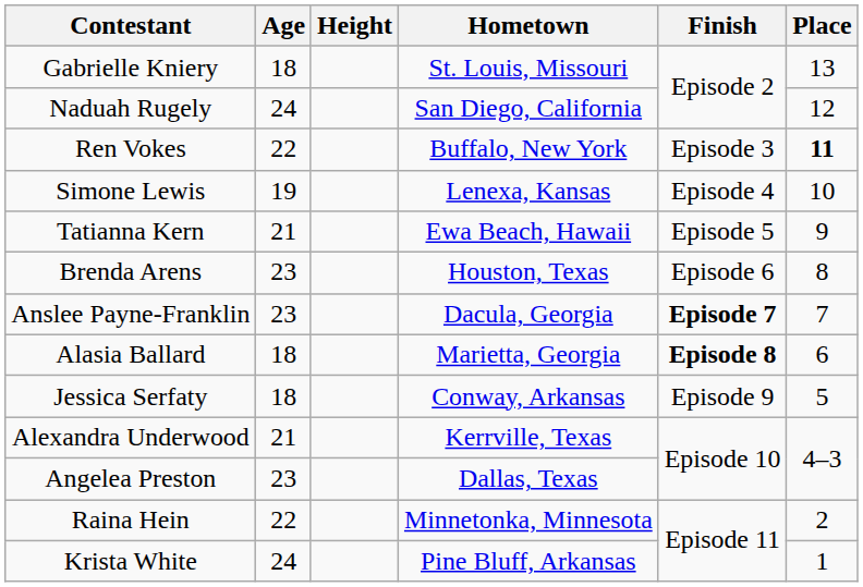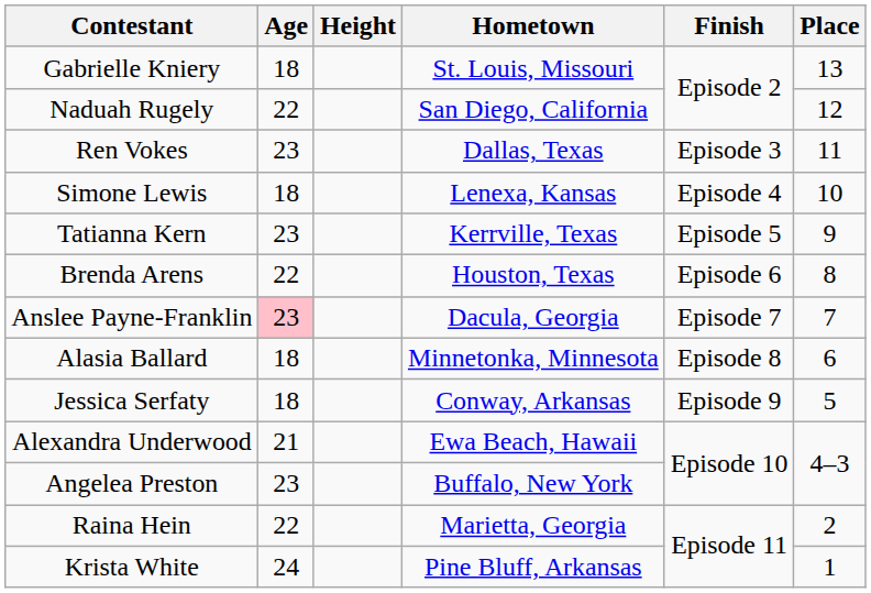 <table class="wikitable sortable" style="text-align:center;">
 <tr>
 <th>Contestant</th>
 <th>Age</th>
 <th>Height</th>
 <th>Hometown</th>
 <th>Finish</th>
 <th>Place</th>
 </tr>
 <tr>
 <td>Gabrielle Kniery</td>
 <td>18</td>
 <td></td>
 <td><a href='#'>St. Louis, Missouri</a></td>
 <td rowspan="2">Episode 2</td>
 <td>13</td>
 </tr>
 <tr>
 <td>Naduah Rugely</td>
-<td>24</td>
+<td>22</td>
 <td></td>
 <td><a href='#'>San Diego, California</a></td>
 <td>12</td>
 </tr>
 <tr>
 <td>Ren Vokes</td>
-<td>22</td>
+<td>23</td>
 <td></td>
-<td><a href='#'>Buffalo, New York</a></td>
+<td><a href='#'>Dallas, Texas</a></td>
 <td>Episode 3</td>
-<td><strong>11</strong></td>
+<td>11</td>
 </tr>
 <tr>
 <td>Simone Lewis</td>
-<td>19</td>
+<td>18</td>
 <td></td>
 <td><a href='#'>Lenexa, Kansas</a></td>
 <td>Episode 4</td>
 <td>10</td>
 </tr>
 <tr>
 <td>Tatianna Kern</td>
-<td>21</td>
+<td>23</td>
 <td></td>
-<td><a href='#'>Ewa Beach, Hawaii</a></td>
+<td><a href='#'>Kerrville, Texas</a></td>
 <td>Episode 5</td>
 <td>9</td>
 </tr>
 <tr>
 <td>Brenda Arens</td>
-<td>23</td>
+<td>22</td>
 <td></td>
 <td><a href='#'>Houston, Texas</a></td>
 <td>Episode 6</td>
 <td>8</td>
 </tr>
 <tr>
 <td>Anslee Payne-Franklin</td>
-<td>23</td>
+<td style="background: pink;">23</td>
 <td></td>
 <td><a href='#'>Dacula, Georgia</a></td>
-<td><strong>Episode 7</strong></td>
+<td>Episode 7</td>
 <td>7</td>
 </tr>
 <tr>
 <td>Alasia Ballard</td>
 <td>18</td>
 <td></td>
-<td><a href='#'>Marietta, Georgia</a></td>
-<td><strong>Episode 8</strong></td>
+<td><a href='#'>Minnetonka, Minnesota</a></td>
+<td>Episode 8</td>
 <td>6</td>
 </tr>
 <tr>
 <td>Jessica Serfaty</td>
 <td>18</td>
 <td></td>
 <td><a href='#'>Conway, Arkansas</a></td>
 <td>Episode 9</td>
 <td>5</td>
 </tr>
 <tr>
 <td>Alexandra Underwood</td>
 <td>21</td>
 <td></td>
-<td><a href='#'>Kerrville, Texas</a></td>
+<td><a href='#'>Ewa Beach, Hawaii</a></td>
 <td rowspan="2">Episode 10</td>
 <td rowspan="2">4–3</td>
 </tr>
 <tr>
 <td>Angelea Preston</td>
 <td>23</td>
 <td></td>
-<td><a href='#'>Dallas, Texas</a></td>
+<td><a href='#'>Buffalo, New York</a></td>
 </tr>
 <tr>
 <td>Raina Hein</td>
 <td>22</td>
 <td></td>
-<td><a href='#'>Minnetonka, Minnesota</a></td>
+<td><a href='#'>Marietta, Georgia</a></td>
 <td rowspan="2">Episode 11</td>
 <td>2</td>
 </tr>
 <tr>
 <td>Krista White</td>
 <td>24</td>
 <td></td>
 <td><a href='#'>Pine Bluff, Arkansas</a></td>
 <td>1</td>
 </tr>
 </table>
